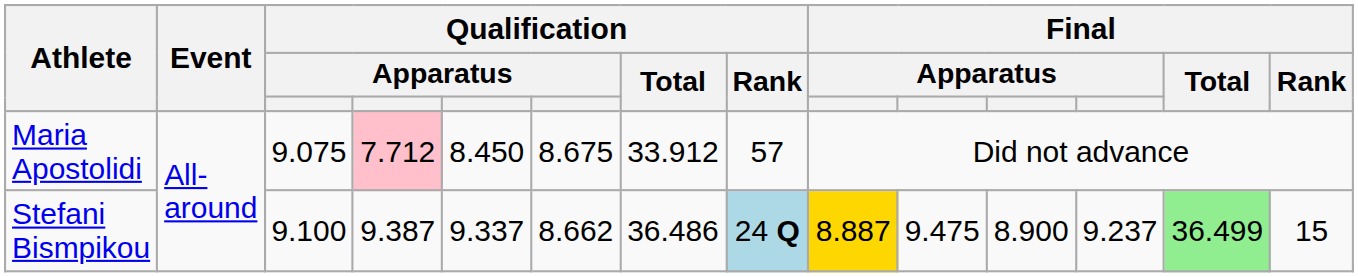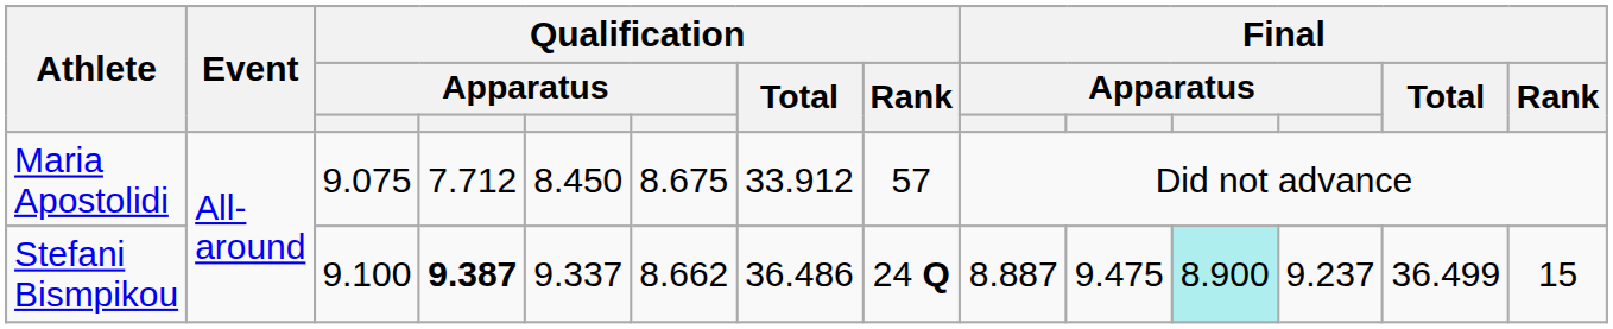 <table class="wikitable" style="font-size:90%">
 <tr>
 <th rowspan=3>Athlete</th>
 <th rowspan=3>Event</th>
 <th colspan=6>Qualification</th>
 <th colspan=6>Final</th>
 </tr>
 <tr style="font-size:95%">
 <th colspan=4>Apparatus</th>
 <th rowspan=2>Total</th>
 <th rowspan=2>Rank</th>
 <th colspan=4>Apparatus</th>
 <th rowspan=2>Total</th>
 <th rowspan=2>Rank</th>
 </tr>
 <tr style="font-size:95%">
 <th></th>
 <th></th>
 <th></th>
 <th></th>
 <th></th>
 <th></th>
 <th></th>
 <th></th>
 </tr>
 <tr align=center>
 <td align=left><a href='#'>Maria Apostolidi</a></td>
 <td align=left rowspan=2><a href='#'>All-around</a></td>
 <td>9.075</td>
-<td style="background: pink;">7.712</td>
+<td>7.712</td>
 <td>8.450</td>
 <td>8.675</td>
 <td>33.912</td>
 <td>57</td>
 <td colspan=6>Did not advance</td>
 </tr>
 <tr align=center>
 <td align=left><a href='#'>Stefani Bismpikou</a></td>
 <td>9.100</td>
-<td>9.387</td>
+<td><strong>9.387</strong></td>
 <td>9.337</td>
 <td>8.662</td>
 <td>36.486</td>
-<td style="background: lightblue;">24 <strong>Q</strong></td>
-<td style="background: gold;">8.887</td>
+<td>24 <strong>Q</strong></td>
+<td>8.887</td>
 <td>9.475</td>
-<td>8.900</td>
+<td style="background: paleturquoise;">8.900</td>
 <td>9.237</td>
-<td style="background: lightgreen;">36.499</td>
+<td>36.499</td>
 <td>15</td>
 </tr>
 </table>
